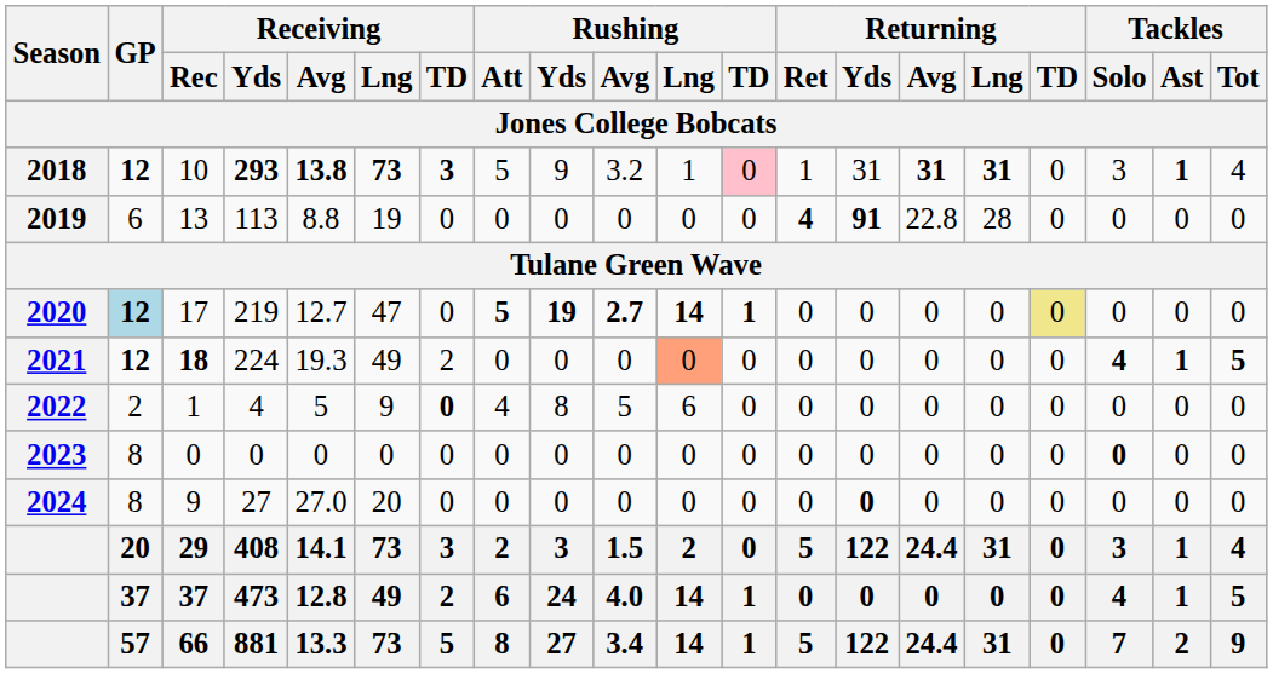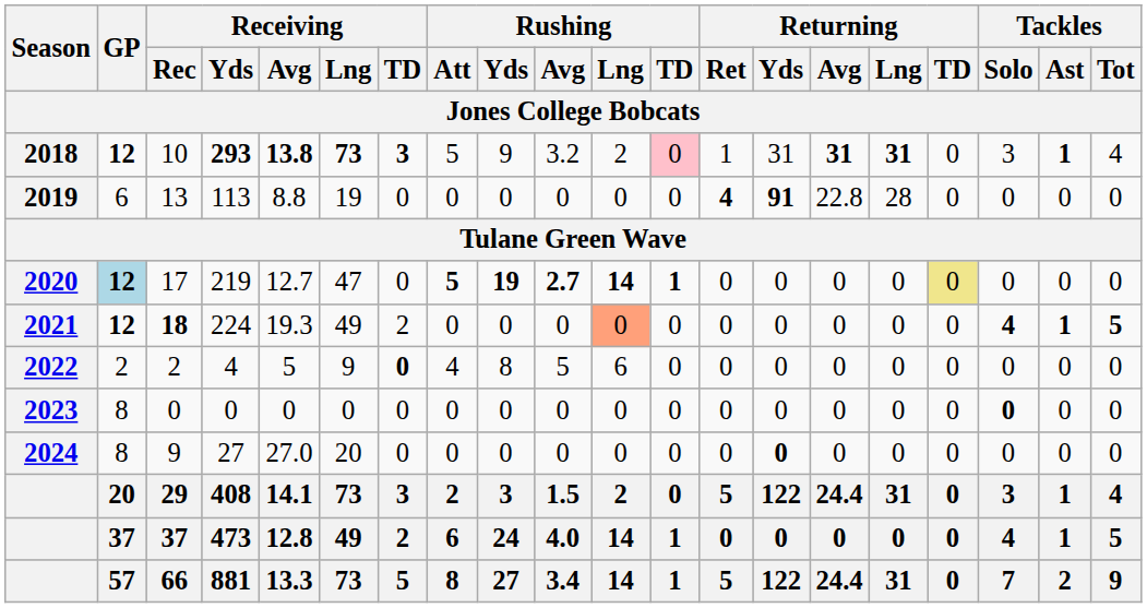 <table class="wikitable" style="text-align:center;">
 <tr>
 <th rowspan="2">Season</th>
 <th rowspan="2">GP</th>
 <th colspan="5">Receiving</th>
 <th colspan="5">Rushing</th>
 <th colspan="5">Returning</th>
 <th colspan="3">Tackles</th>
 </tr>
 <tr>
 <th>Rec</th>
 <th>Yds</th>
 <th>Avg</th>
 <th>Lng</th>
 <th>TD</th>
 <th>Att</th>
 <th>Yds</th>
 <th>Avg</th>
 <th>Lng</th>
 <th>TD</th>
 <th>Ret</th>
 <th>Yds</th>
 <th>Avg</th>
 <th>Lng</th>
 <th>TD</th>
 <th>Solo</th>
 <th>Ast</th>
 <th>Tot</th>
 </tr>
 <tr>
 <th colspan="20">Jones College Bobcats</th>
 </tr>
 <tr>
 <th>2018</th>
 <td><strong>12</strong></td>
 <td>10</td>
 <td><strong>293</strong></td>
 <td><strong>13.8</strong></td>
 <td><strong>73</strong></td>
 <td><strong>3</strong></td>
 <td>5</td>
 <td>9</td>
 <td>3.2</td>
-<td>1</td>
+<td>2</td>
 <td style="background: pink;">0</td>
 <td>1</td>
 <td>31</td>
 <td><strong>31</strong></td>
 <td><strong>31</strong></td>
 <td>0</td>
 <td>3</td>
 <td><strong>1</strong></td>
 <td>4</td>
 </tr>
 <tr>
 <th>2019</th>
 <td>6</td>
 <td>13</td>
 <td>113</td>
 <td>8.8</td>
 <td>19</td>
 <td>0</td>
 <td>0</td>
 <td>0</td>
 <td>0</td>
 <td>0</td>
 <td>0</td>
 <td><strong>4</strong></td>
 <td><strong>91</strong></td>
 <td>22.8</td>
 <td>28</td>
 <td>0</td>
 <td>0</td>
 <td>0</td>
 <td>0</td>
 </tr>
 <tr>
 <th colspan="20">Tulane Green Wave</th>
 </tr>
 <tr>
 <th><a href='#'>2020</a></th>
 <td style="background: lightblue;"><strong>12</strong></td>
 <td>17</td>
 <td>219</td>
 <td>12.7</td>
 <td>47</td>
 <td>0</td>
 <td><strong>5</strong></td>
 <td><strong>19</strong></td>
 <td><strong>2.7</strong></td>
 <td><strong>14</strong></td>
 <td><strong>1</strong></td>
 <td>0</td>
 <td>0</td>
 <td>0</td>
 <td>0</td>
 <td style="background: khaki;">0</td>
 <td>0</td>
 <td>0</td>
 <td>0</td>
 </tr>
 <tr>
 <th><a href='#'>2021</a></th>
 <td><strong>12</strong></td>
 <td><strong>18</strong></td>
 <td>224</td>
 <td>19.3</td>
 <td>49</td>
 <td>2</td>
 <td>0</td>
 <td>0</td>
 <td>0</td>
 <td style="background: lightsalmon;">0</td>
 <td>0</td>
 <td>0</td>
 <td>0</td>
 <td>0</td>
 <td>0</td>
 <td>0</td>
 <td><strong>4</strong></td>
 <td><strong>1</strong></td>
 <td><strong>5</strong></td>
 </tr>
 <tr>
 <th><a href='#'>2022</a></th>
 <td>2</td>
-<td>1</td>
+<td>2</td>
 <td>4</td>
 <td>5</td>
 <td>9</td>
 <td><strong>0</strong></td>
 <td>4</td>
 <td>8</td>
 <td>5</td>
 <td>6</td>
 <td>0</td>
 <td>0</td>
 <td>0</td>
 <td>0</td>
 <td>0</td>
 <td>0</td>
 <td>0</td>
 <td>0</td>
 <td>0</td>
 </tr>
 <tr>
 <th><a href='#'>2023</a></th>
 <td>8</td>
 <td>0</td>
 <td>0</td>
 <td>0</td>
 <td>0</td>
 <td>0</td>
 <td>0</td>
 <td>0</td>
 <td>0</td>
 <td>0</td>
 <td>0</td>
 <td>0</td>
 <td>0</td>
 <td>0</td>
 <td>0</td>
 <td>0</td>
 <td><strong>0</strong></td>
 <td>0</td>
 <td>0</td>
 </tr>
 <tr>
 <th><a href='#'>2024</a></th>
 <td>8</td>
 <td>9</td>
 <td>27</td>
 <td>27.0</td>
 <td>20</td>
 <td>0</td>
 <td>0</td>
 <td>0</td>
 <td>0</td>
 <td>0</td>
 <td>0</td>
 <td>0</td>
 <td><strong>0</strong></td>
 <td>0</td>
 <td>0</td>
 <td>0</td>
 <td>0</td>
 <td>0</td>
 <td>0</td>
 </tr>
 <tr>
 <th></th>
 <th>20</th>
 <th>29</th>
 <th>408</th>
 <th>14.1</th>
 <th>73</th>
 <th>3</th>
 <th>2</th>
 <th>3</th>
 <th>1.5</th>
 <th>2</th>
 <th>0</th>
 <th>5</th>
 <th>122</th>
 <th>24.4</th>
 <th>31</th>
 <th>0</th>
 <th>3</th>
 <th>1</th>
 <th>4</th>
 </tr>
 <tr>
 <th></th>
 <th>37</th>
 <th>37</th>
 <th>473</th>
 <th>12.8</th>
 <th>49</th>
 <th>2</th>
 <th>6</th>
 <th>24</th>
 <th>4.0</th>
 <th>14</th>
 <th>1</th>
 <th>0</th>
 <th>0</th>
 <th>0</th>
 <th>0</th>
 <th>0</th>
 <th>4</th>
 <th>1</th>
 <th>5</th>
 </tr>
 <tr>
 <th></th>
 <th>57</th>
 <th>66</th>
 <th>881</th>
 <th>13.3</th>
 <th>73</th>
 <th>5</th>
 <th>8</th>
 <th>27</th>
 <th>3.4</th>
 <th>14</th>
 <th>1</th>
 <th>5</th>
 <th>122</th>
 <th>24.4</th>
 <th>31</th>
 <th>0</th>
 <th>7</th>
 <th>2</th>
 <th>9</th>
 </tr>
 </table>
